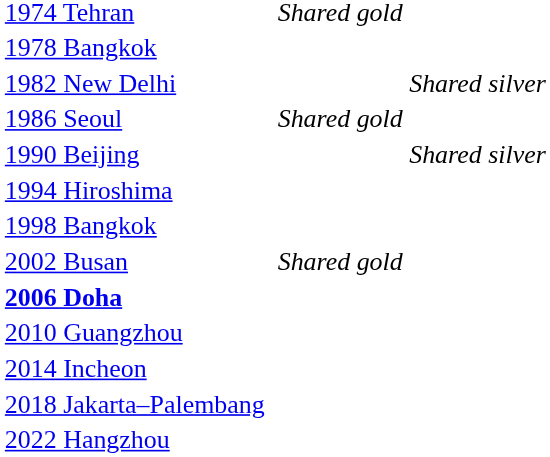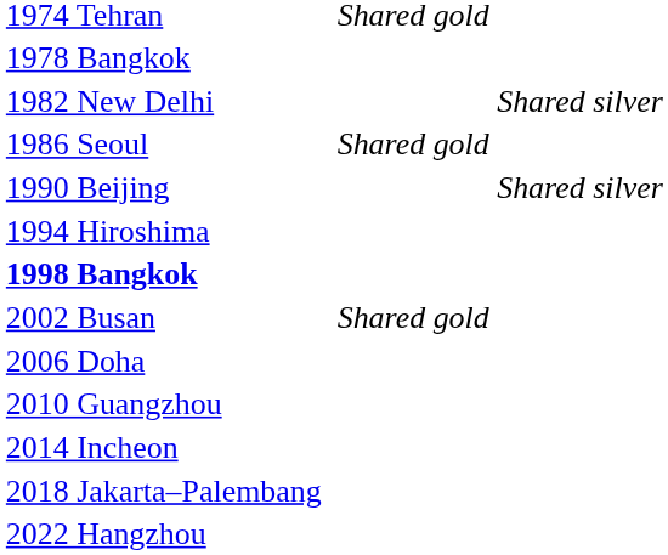 <table>
 <tr>
 <td rowspan=2><a href='#'>1974 Tehran</a></td>
 <td></td>
 <td rowspan=2><em>Shared gold</em></td>
 <td rowspan=2></td>
 </tr>
 <tr>
 <td></td>
 </tr>
 <tr>
 <td><a href='#'>1978 Bangkok</a></td>
 <td></td>
 <td></td>
 <td></td>
 </tr>
 <tr>
 <td rowspan=2><a href='#'>1982 New Delhi</a></td>
 <td rowspan=2></td>
 <td></td>
 <td rowspan=2><em>Shared silver</em></td>
 </tr>
 <tr>
 <td></td>
 </tr>
 <tr>
 <td rowspan=2><a href='#'>1986 Seoul</a></td>
 <td></td>
 <td rowspan=2><em>Shared gold</em></td>
 <td rowspan=2></td>
 </tr>
 <tr>
 <td></td>
 </tr>
 <tr>
 <td rowspan=2><a href='#'>1990 Beijing</a></td>
 <td rowspan=2></td>
 <td></td>
 <td rowspan=2><em>Shared silver</em></td>
 </tr>
 <tr>
 <td></td>
 </tr>
 <tr>
 <td><a href='#'>1994 Hiroshima</a></td>
 <td></td>
 <td></td>
 <td></td>
 </tr>
 <tr>
-<td><a href='#'>1998 Bangkok</a></td>
+<td><strong><a href='#'>1998 Bangkok</a></strong></td>
 <td></td>
 <td></td>
 <td></td>
 </tr>
 <tr>
 <td rowspan=2><a href='#'>2002 Busan</a></td>
 <td></td>
 <td rowspan=2><em>Shared gold</em></td>
 <td rowspan=2></td>
 </tr>
 <tr>
 <td></td>
 </tr>
 <tr>
-<td><strong><a href='#'>2006 Doha</a></strong></td>
+<td><a href='#'>2006 Doha</a></td>
 <td></td>
 <td></td>
 <td></td>
 </tr>
 <tr>
 <td><a href='#'>2010 Guangzhou</a></td>
 <td></td>
 <td></td>
 <td></td>
 </tr>
 <tr>
 <td><a href='#'>2014 Incheon</a></td>
 <td></td>
 <td></td>
 <td></td>
 </tr>
 <tr>
 <td><a href='#'>2018 Jakarta–Palembang</a></td>
 <td></td>
 <td></td>
 <td></td>
 </tr>
 <tr>
 <td><a href='#'>2022 Hangzhou</a></td>
 <td></td>
 <td></td>
 <td></td>
 </tr>
 </table>
